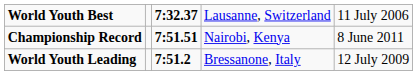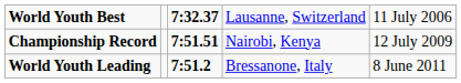 <table class="wikitable">
 <tr>
 <td><strong>World Youth Best</strong></td>
 <td></td>
 <td><strong>7:32.37</strong></td>
 <td><a href='#'>Lausanne</a>, <a href='#'>Switzerland</a></td>
 <td>11 July 2006</td>
 </tr>
 <tr>
 <td><strong>Championship Record</strong></td>
 <td></td>
 <td><strong>7:51.51</strong></td>
 <td><a href='#'>Nairobi</a>, <a href='#'>Kenya</a></td>
-<td>8 June 2011</td>
+<td>12 July 2009</td>
 </tr>
 <tr>
 <td><strong>World Youth Leading</strong></td>
 <td></td>
 <td><strong>7:51.2</strong></td>
 <td><a href='#'>Bressanone</a>, <a href='#'>Italy</a></td>
-<td>12 July 2009</td>
+<td>8 June 2011</td>
 </tr>
 </table>
